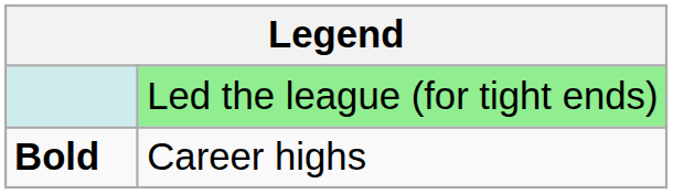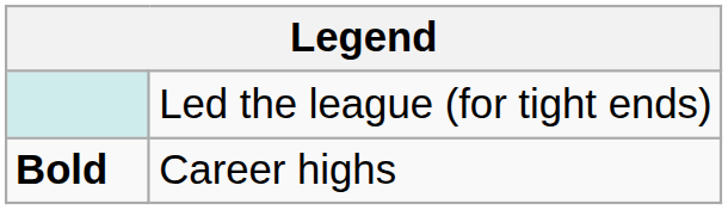 <table class="wikitable mw-collapsible mw-collapsed">
 <tr>
 <th colspan="2">Legend</th>
 </tr>
 <tr>
 <td style="background:#cfecec; width:3em;"></td>
-<td style="background: lightgreen;">Led the league (for tight ends)</td>
+<td>Led the league (for tight ends)</td>
 </tr>
 <tr>
 <td><strong>Bold</strong></td>
 <td>Career highs</td>
 </tr>
 </table>
